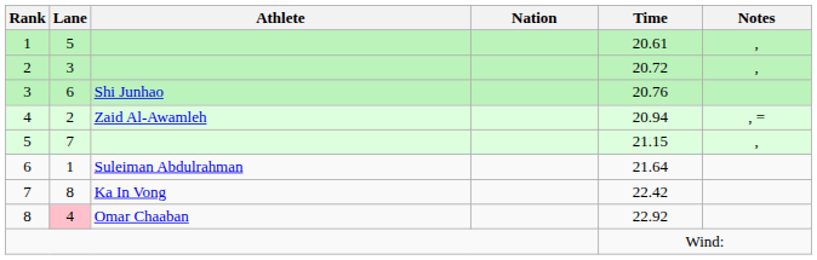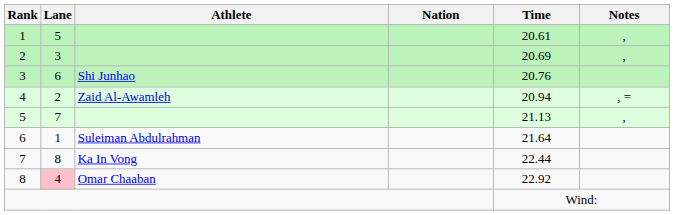 <table class="wikitable sortable" style="text-align:center;width: 65%;">
 <tr>
 <th scope="col" style="width: 10px;">Rank</th>
 <th scope="col" style="width: 10px;">Lane</th>
 <th scope="col">Athlete</th>
 <th scope="col">Nation</th>
 <th scope="col">Time</th>
 <th scope="col">Notes</th>
 </tr>
 <tr bgcolor=bbf3bb>
 <td>1</td>
 <td>5</td>
 <td align="left"></td>
 <td align="left"></td>
 <td>20.61</td>
 <td>, </td>
 </tr>
 <tr bgcolor=bbf3bb>
 <td>2</td>
 <td>3</td>
 <td align="left"></td>
 <td align="left"></td>
-<td>20.72</td>
+<td>20.69</td>
 <td>, </td>
 </tr>
 <tr bgcolor=bbf3bb>
 <td>3</td>
 <td>6</td>
 <td align="left"><a href='#'>Shi Junhao</a></td>
 <td align="left"></td>
 <td>20.76</td>
 <td></td>
 </tr>
 <tr bgcolor=ddffdd>
 <td>4</td>
 <td>2</td>
 <td align="left"><a href='#'>Zaid Al-Awamleh</a></td>
 <td align="left"></td>
 <td>20.94</td>
 <td>, =<strong></strong></td>
 </tr>
 <tr bgcolor=ddffdd>
 <td>5</td>
 <td>7</td>
 <td align="left"></td>
 <td align="left"></td>
-<td>21.15</td>
+<td>21.13</td>
 <td>, </td>
 </tr>
 <tr>
 <td>6</td>
 <td>1</td>
 <td align="left"><a href='#'>Suleiman Abdulrahman</a></td>
 <td align="left"></td>
 <td>21.64</td>
 <td></td>
 </tr>
 <tr>
 <td>7</td>
 <td>8</td>
 <td align="left"><a href='#'>Ka In Vong</a></td>
 <td align="left"></td>
-<td>22.42</td>
+<td>22.44</td>
 <td></td>
 </tr>
 <tr>
 <td>8</td>
 <td style="background: pink;">4</td>
 <td align="left"><a href='#'>Omar Chaaban</a></td>
 <td align="left"></td>
 <td>22.92</td>
 <td></td>
 </tr>
 <tr class="sortbottom">
 <td colspan="4"></td>
 <td colspan="2">Wind: </td>
 </tr>
 </table>
